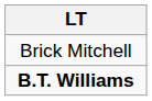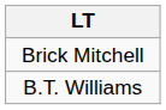 <table class="wikitable" width="120px">
 <tr>
 <th>LT</th>
 </tr>
 <tr>
 <td align="center">Brick Mitchell</td>
 </tr>
 <tr>
-<td align="center"><strong>B.T. Williams</strong></td>
+<td align="center">B.T. Williams</td>
 </tr>
 </table>
